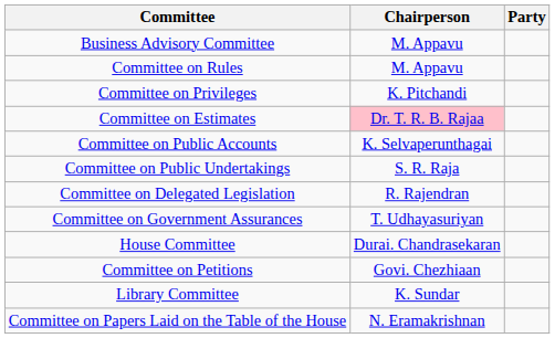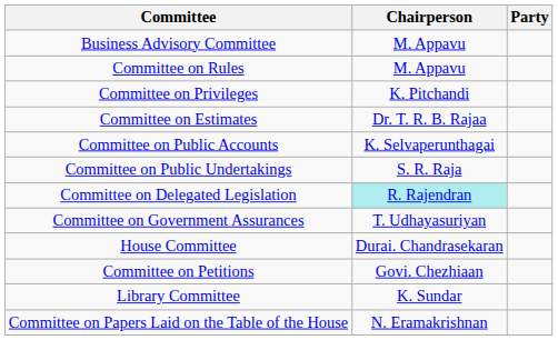 <table class="wikitable" style="text-align:center">
 <tr>
 <th>Committee</th>
 <th>Chairperson</th>
 <th colspan=2>Party</th>
 </tr>
 <tr>
 <td><a href='#'>Business Advisory Committee</a></td>
 <td><a href='#'>M. Appavu</a></td>
 <td></td>
 </tr>
 <tr>
 <td><a href='#'>Committee on Rules</a></td>
 <td><a href='#'>M. Appavu</a></td>
 <td></td>
 </tr>
 <tr>
 <td><a href='#'>Committee on Privileges</a></td>
 <td><a href='#'>K. Pitchandi</a></td>
 <td></td>
 </tr>
 <tr>
 <td><a href='#'>Committee on Estimates</a></td>
-<td style="background: pink;"><a href='#'>Dr. T. R. B. Rajaa</a></td>
+<td><a href='#'>Dr. T. R. B. Rajaa</a></td>
 <td></td>
 </tr>
 <tr>
 <td><a href='#'>Committee on Public Accounts</a></td>
 <td><a href='#'>K. Selvaperunthagai</a></td>
 <td></td>
 </tr>
 <tr>
 <td><a href='#'>Committee on Public Undertakings</a></td>
 <td><a href='#'>S. R. Raja</a></td>
 <td></td>
 </tr>
 <tr>
 <td><a href='#'>Committee on Delegated Legislation</a></td>
-<td><a href='#'>R. Rajendran</a></td>
+<td style="background: paleturquoise;"><a href='#'>R. Rajendran</a></td>
 <td></td>
 </tr>
 <tr>
 <td><a href='#'>Committee on Government Assurances</a></td>
 <td><a href='#'>T. Udhayasuriyan</a></td>
 <td></td>
 </tr>
 <tr>
 <td><a href='#'>House Committee</a></td>
 <td><a href='#'>Durai. Chandrasekaran</a></td>
 <td></td>
 </tr>
 <tr>
 <td><a href='#'>Committee on Petitions</a></td>
 <td><a href='#'>Govi. Chezhiaan</a></td>
 <td></td>
 </tr>
 <tr>
 <td><a href='#'>Library Committee</a></td>
 <td><a href='#'>K. Sundar</a></td>
 <td></td>
 </tr>
 <tr>
 <td><a href='#'>Committee on Papers Laid on the Table of the House</a></td>
 <td><a href='#'>N. Eramakrishnan</a></td>
 <td></td>
 </tr>
 </table>
